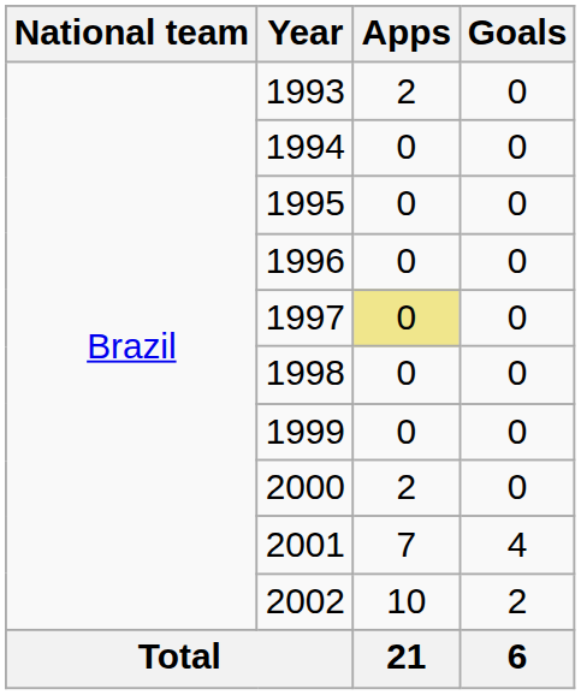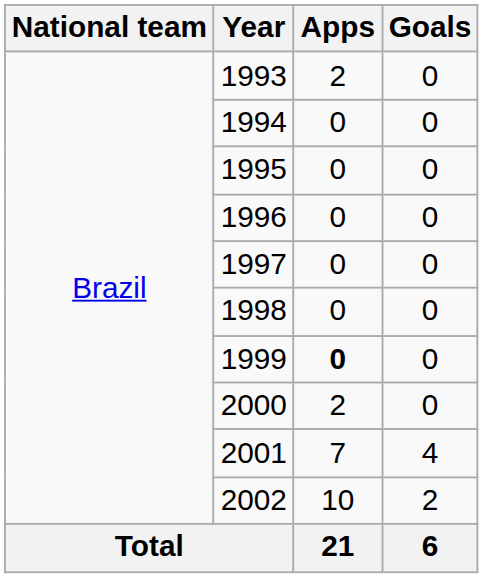 <table class="wikitable" style="text-align:center">
 <tr>
 <th>National team</th>
 <th>Year</th>
 <th>Apps</th>
 <th>Goals</th>
 </tr>
 <tr>
 <td rowspan="10"><a href='#'>Brazil</a></td>
 <td>1993</td>
 <td>2</td>
 <td>0</td>
 </tr>
 <tr>
 <td>1994</td>
 <td>0</td>
 <td>0</td>
 </tr>
 <tr>
 <td>1995</td>
 <td>0</td>
 <td>0</td>
 </tr>
 <tr>
 <td>1996</td>
 <td>0</td>
 <td>0</td>
 </tr>
 <tr>
 <td>1997</td>
-<td style="background: khaki;">0</td>
+<td>0</td>
 <td>0</td>
 </tr>
 <tr>
 <td>1998</td>
 <td>0</td>
 <td>0</td>
 </tr>
 <tr>
 <td>1999</td>
-<td>0</td>
+<td><strong>0</strong></td>
 <td>0</td>
 </tr>
 <tr>
 <td>2000</td>
 <td>2</td>
 <td>0</td>
 </tr>
 <tr>
 <td>2001</td>
 <td>7</td>
 <td>4</td>
 </tr>
 <tr>
 <td>2002</td>
 <td>10</td>
 <td>2</td>
 </tr>
 <tr>
 <th colspan="2">Total</th>
 <th>21</th>
 <th>6</th>
 </tr>
 </table>
